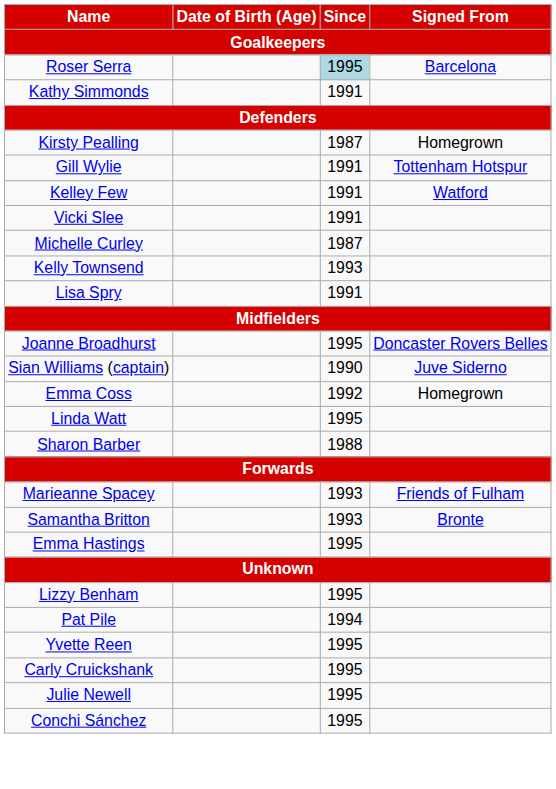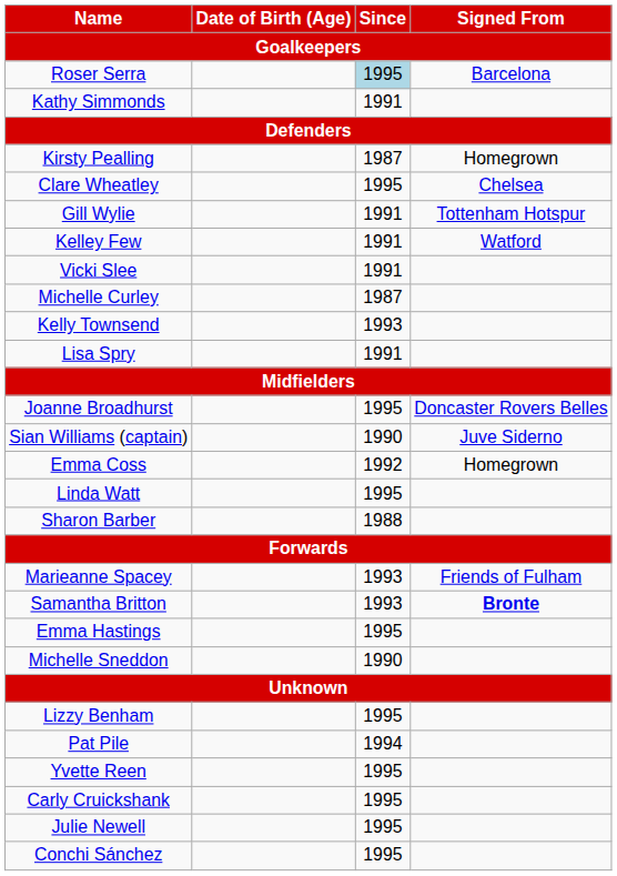 <table class="wikitable" style="text-align:center; font-size:100%; ">
 <tr>
 <th style="background:#d50000; color:white; text-align:center;">Name</th>
 <th style="background:#d50000; color:white; text-align:center;">Date of Birth (Age)</th>
 <th style="background:#d50000; color:white; text-align:center;">Since</th>
 <th style="background:#d50000; color:white; text-align:center;">Signed From</th>
 </tr>
 <tr>
 <th style="background:#d50000; color:white; text-align:center;" colspan="4">Goalkeepers</th>
 </tr>
 <tr>
 <td> <a href='#'>Roser Serra</a></td>
 <td></td>
 <td style="background: lightblue;">1995</td>
 <td> <a href='#'>Barcelona</a></td>
 </tr>
 <tr>
 <td><a href='#'>Kathy Simmonds</a></td>
 <td></td>
 <td>1991</td>
 <td></td>
 </tr>
 <tr>
 <th style="background:#d50000; color:white; text-align:center;" colspan="4">Defenders</th>
 </tr>
 <tr>
 <td> <a href='#'>Kirsty Pealling</a></td>
 <td></td>
 <td>1987</td>
 <td>Homegrown</td>
+</tr>
+<tr>
+<td> <a href='#'>Clare Wheatley</a></td>
+<td></td>
+<td>1995</td>
+<td> <a href='#'>Chelsea</a></td>
 </tr>
 <tr>
 <td><em></em> <a href='#'>Gill Wylie</a></td>
 <td></td>
 <td>1991</td>
 <td> <a href='#'>Tottenham Hotspur</a></td>
 </tr>
 <tr>
 <td> <a href='#'>Kelley Few</a></td>
 <td></td>
 <td>1991</td>
 <td> <a href='#'>Watford</a></td>
 </tr>
 <tr>
 <td> <a href='#'>Vicki Slee</a></td>
 <td></td>
 <td>1991</td>
 <td></td>
 </tr>
 <tr>
 <td> <a href='#'>Michelle Curley</a></td>
 <td></td>
 <td>1987</td>
 <td></td>
 </tr>
 <tr>
 <td> <a href='#'>Kelly Townsend</a></td>
 <td></td>
 <td>1993</td>
 <td></td>
 </tr>
 <tr>
 <td> <a href='#'>Lisa Spry</a></td>
 <td></td>
 <td>1991</td>
 <td></td>
 </tr>
 <tr>
 <th style="background:#d50000; color:white; text-align:center;" colspan="4">Midfielders</th>
 </tr>
 <tr>
 <td><em></em> <a href='#'>Joanne Broadhurst</a></td>
 <td></td>
 <td>1995</td>
 <td><em></em> <a href='#'>Doncaster Rovers Belles</a></td>
 </tr>
 <tr>
 <td> <a href='#'>Sian Williams</a> (<a href='#'>captain</a>)</td>
 <td></td>
 <td>1990</td>
 <td> <a href='#'>Juve Siderno</a></td>
 </tr>
 <tr>
 <td> <a href='#'>Emma Coss</a></td>
 <td></td>
 <td>1992</td>
 <td>Homegrown</td>
 </tr>
 <tr>
 <td> <a href='#'>Linda Watt</a></td>
 <td></td>
 <td>1995</td>
 <td></td>
 </tr>
 <tr>
 <td> <a href='#'>Sharon Barber</a></td>
 <td></td>
 <td>1988</td>
 <td></td>
 </tr>
 <tr>
 <th style="background:#d50000; color:white; text-align:center;" colspan="4">Forwards</th>
 </tr>
 <tr>
 <td> <a href='#'>Marieanne Spacey</a></td>
 <td></td>
 <td>1993</td>
 <td><em></em> <a href='#'>Friends of Fulham</a></td>
 </tr>
 <tr>
 <td><a href='#'>Samantha Britton</a></td>
 <td></td>
 <td>1993</td>
-<td><em></em> <a href='#'>Bronte</a></td>
+<td><strong><em></em> <a href='#'>Bronte</a></strong></td>
 </tr>
 <tr>
 <td> <a href='#'>Emma Hastings</a></td>
 <td></td>
 <td>1995</td>
+<td></td>
+</tr>
+<tr>
+<td> <a href='#'>Michelle Sneddon</a></td>
+<td></td>
+<td>1990</td>
 <td></td>
 </tr>
 <tr>
 <th style="background:#d50000; color:white; text-align:center;" colspan="4">Unknown</th>
 </tr>
 <tr>
 <td><a href='#'>Lizzy Benham</a></td>
 <td></td>
 <td>1995</td>
 <td></td>
 </tr>
 <tr>
 <td><a href='#'>Pat Pile</a></td>
 <td></td>
 <td>1994</td>
 <td></td>
 </tr>
 <tr>
 <td><a href='#'>Yvette Reen</a></td>
 <td></td>
 <td>1995</td>
 <td></td>
 </tr>
 <tr>
 <td><a href='#'>Carly Cruickshank</a></td>
 <td></td>
 <td>1995</td>
 <td></td>
 </tr>
 <tr>
 <td><a href='#'>Julie Newell</a></td>
 <td></td>
 <td>1995</td>
 <td></td>
 </tr>
 <tr>
 <td><a href='#'>Conchi Sánchez</a></td>
 <td></td>
 <td>1995</td>
 <td></td>
 </tr>
 </table>
